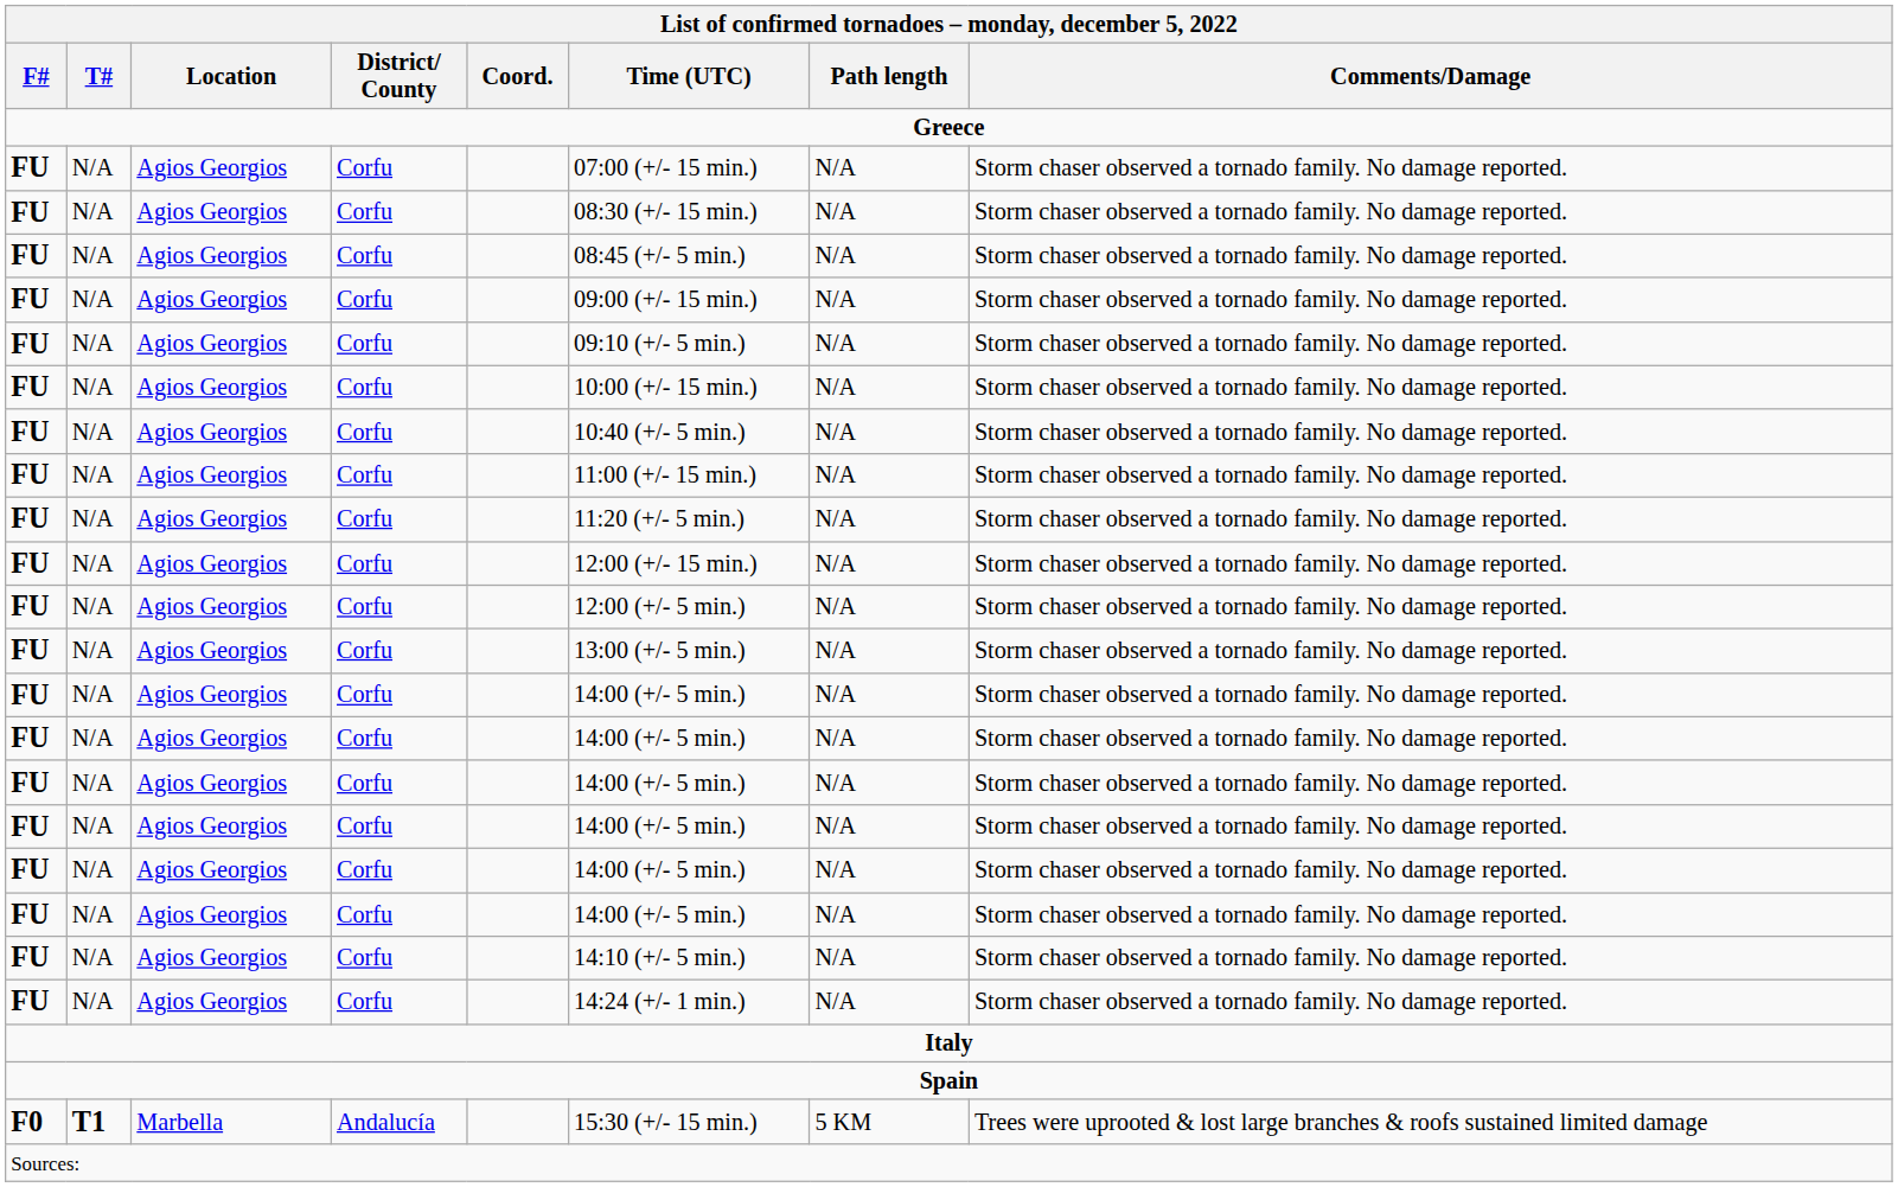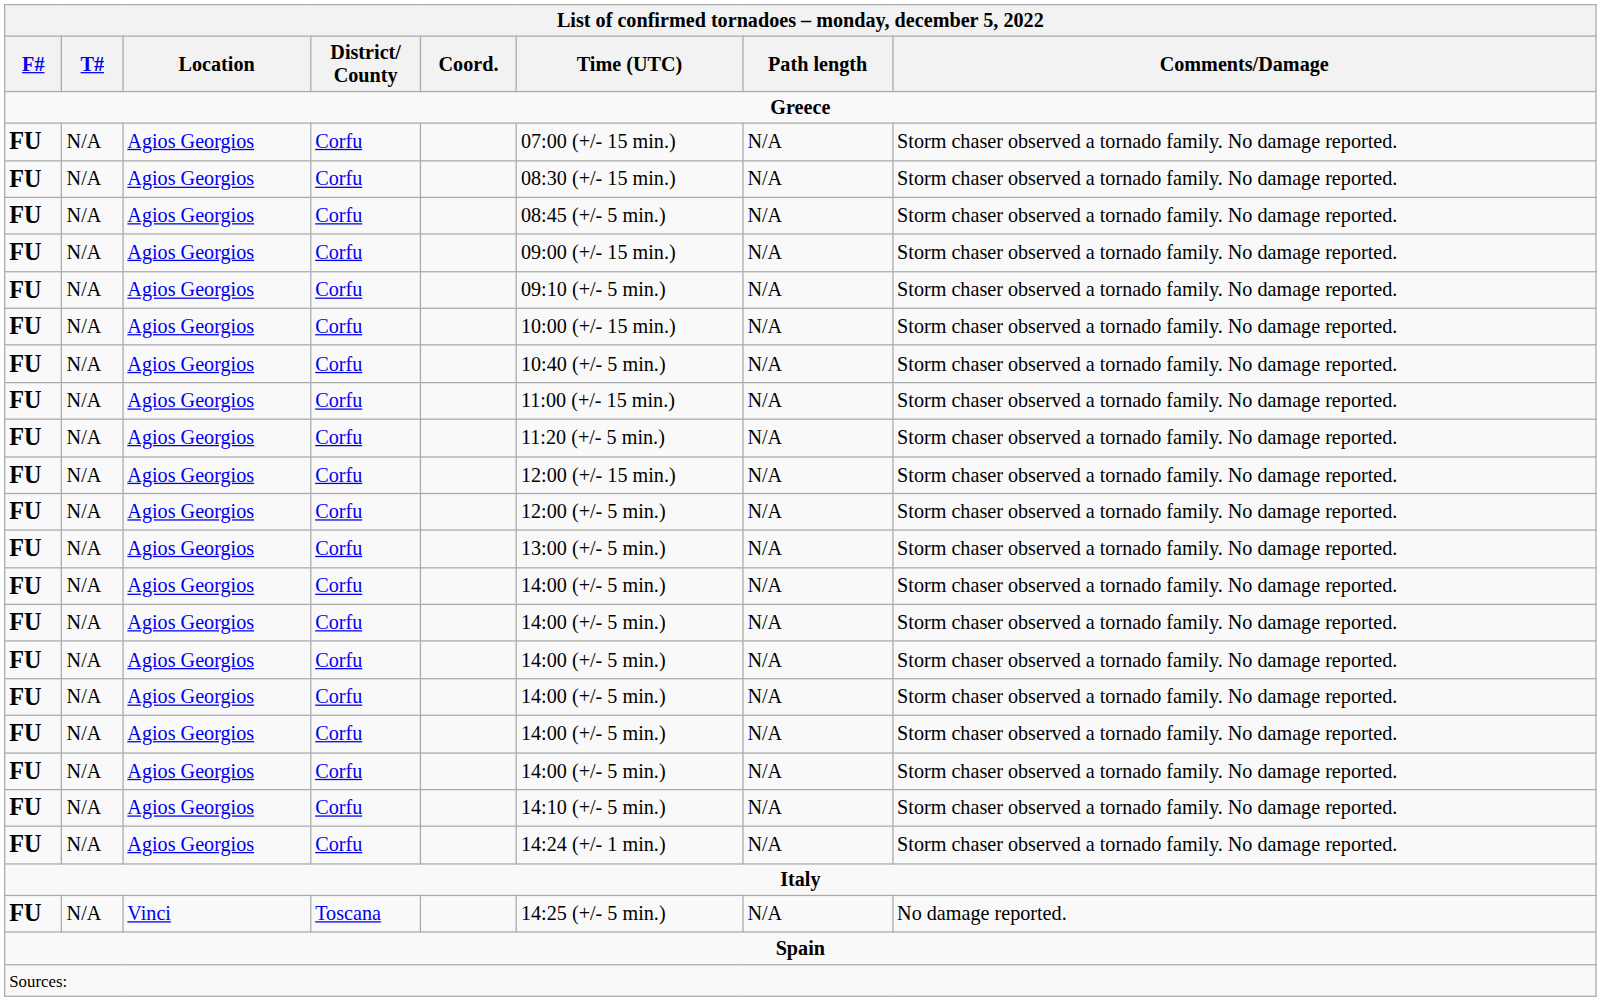 <table class="wikitable collapsible" width="100%">
 <tr>
 <th colspan="8">List of confirmed tornadoes – monday, december 5, 2022</th>
 </tr>
 <tr>
 <th><a href='#'>F#</a></th>
 <th><a href='#'>T#</a></th>
 <th>Location</th>
 <th>District/<br>County</th>
 <th>Coord.</th>
 <th>Time (UTC)</th>
 <th>Path length</th>
 <th>Comments/Damage</th>
 </tr>
 <tr>
 <td colspan="8" align=center><strong>Greece</strong></td>
 </tr>
 <tr>
 <td><big><strong>FU</strong></big></td>
 <td>N/A</td>
 <td><a href='#'>Agios Georgios</a></td>
 <td><a href='#'>Corfu</a></td>
 <td></td>
 <td>07:00 (+/- 15 min.)</td>
 <td>N/A</td>
 <td>Storm chaser observed a tornado family. No damage reported.</td>
 </tr>
 <tr>
 <td><big><strong>FU</strong></big></td>
 <td>N/A</td>
 <td><a href='#'>Agios Georgios</a></td>
 <td><a href='#'>Corfu</a></td>
 <td></td>
 <td>08:30 (+/- 15 min.)</td>
 <td>N/A</td>
 <td>Storm chaser observed a tornado family. No damage reported.</td>
 </tr>
 <tr>
 <td><big><strong>FU</strong></big></td>
 <td>N/A</td>
 <td><a href='#'>Agios Georgios</a></td>
 <td><a href='#'>Corfu</a></td>
 <td></td>
 <td>08:45 (+/- 5 min.)</td>
 <td>N/A</td>
 <td>Storm chaser observed a tornado family. No damage reported.</td>
 </tr>
 <tr>
 <td><big><strong>FU</strong></big></td>
 <td>N/A</td>
 <td><a href='#'>Agios Georgios</a></td>
 <td><a href='#'>Corfu</a></td>
 <td></td>
 <td>09:00 (+/- 15 min.)</td>
 <td>N/A</td>
 <td>Storm chaser observed a tornado family. No damage reported.</td>
 </tr>
 <tr>
 <td><big><strong>FU</strong></big></td>
 <td>N/A</td>
 <td><a href='#'>Agios Georgios</a></td>
 <td><a href='#'>Corfu</a></td>
 <td></td>
 <td>09:10 (+/- 5 min.)</td>
 <td>N/A</td>
 <td>Storm chaser observed a tornado family. No damage reported.</td>
 </tr>
 <tr>
 <td><big><strong>FU</strong></big></td>
 <td>N/A</td>
 <td><a href='#'>Agios Georgios</a></td>
 <td><a href='#'>Corfu</a></td>
 <td></td>
 <td>10:00 (+/- 15 min.)</td>
 <td>N/A</td>
 <td>Storm chaser observed a tornado family. No damage reported.</td>
 </tr>
 <tr>
 <td><big><strong>FU</strong></big></td>
 <td>N/A</td>
 <td><a href='#'>Agios Georgios</a></td>
 <td><a href='#'>Corfu</a></td>
 <td></td>
 <td>10:40 (+/- 5 min.)</td>
 <td>N/A</td>
 <td>Storm chaser observed a tornado family. No damage reported.</td>
 </tr>
 <tr>
 <td><big><strong>FU</strong></big></td>
 <td>N/A</td>
 <td><a href='#'>Agios Georgios</a></td>
 <td><a href='#'>Corfu</a></td>
 <td></td>
 <td>11:00 (+/- 15 min.)</td>
 <td>N/A</td>
 <td>Storm chaser observed a tornado family. No damage reported.</td>
 </tr>
 <tr>
 <td><big><strong>FU</strong></big></td>
 <td>N/A</td>
 <td><a href='#'>Agios Georgios</a></td>
 <td><a href='#'>Corfu</a></td>
 <td></td>
 <td>11:20 (+/- 5 min.)</td>
 <td>N/A</td>
 <td>Storm chaser observed a tornado family. No damage reported.</td>
 </tr>
 <tr>
 <td><big><strong>FU</strong></big></td>
 <td>N/A</td>
 <td><a href='#'>Agios Georgios</a></td>
 <td><a href='#'>Corfu</a></td>
 <td></td>
 <td>12:00 (+/- 15 min.)</td>
 <td>N/A</td>
 <td>Storm chaser observed a tornado family. No damage reported.</td>
 </tr>
 <tr>
 <td><big><strong>FU</strong></big></td>
 <td>N/A</td>
 <td><a href='#'>Agios Georgios</a></td>
 <td><a href='#'>Corfu</a></td>
 <td></td>
 <td>12:00 (+/- 5 min.)</td>
 <td>N/A</td>
 <td>Storm chaser observed a tornado family. No damage reported.</td>
 </tr>
 <tr>
 <td><big><strong>FU</strong></big></td>
 <td>N/A</td>
 <td><a href='#'>Agios Georgios</a></td>
 <td><a href='#'>Corfu</a></td>
 <td></td>
 <td>13:00 (+/- 5 min.)</td>
 <td>N/A</td>
 <td>Storm chaser observed a tornado family. No damage reported.</td>
 </tr>
 <tr>
 <td><big><strong>FU</strong></big></td>
 <td>N/A</td>
 <td><a href='#'>Agios Georgios</a></td>
 <td><a href='#'>Corfu</a></td>
 <td></td>
 <td>14:00 (+/- 5 min.)</td>
 <td>N/A</td>
 <td>Storm chaser observed a tornado family. No damage reported.</td>
 </tr>
 <tr>
 <td><big><strong>FU</strong></big></td>
 <td>N/A</td>
 <td><a href='#'>Agios Georgios</a></td>
 <td><a href='#'>Corfu</a></td>
 <td></td>
 <td>14:00 (+/- 5 min.)</td>
 <td>N/A</td>
 <td>Storm chaser observed a tornado family. No damage reported.</td>
 </tr>
 <tr>
 <td><big><strong>FU</strong></big></td>
 <td>N/A</td>
 <td><a href='#'>Agios Georgios</a></td>
 <td><a href='#'>Corfu</a></td>
 <td></td>
 <td>14:00 (+/- 5 min.)</td>
 <td>N/A</td>
 <td>Storm chaser observed a tornado family. No damage reported.</td>
 </tr>
 <tr>
 <td><big><strong>FU</strong></big></td>
 <td>N/A</td>
 <td><a href='#'>Agios Georgios</a></td>
 <td><a href='#'>Corfu</a></td>
 <td></td>
 <td>14:00 (+/- 5 min.)</td>
 <td>N/A</td>
 <td>Storm chaser observed a tornado family. No damage reported.</td>
 </tr>
 <tr>
 <td><big><strong>FU</strong></big></td>
 <td>N/A</td>
 <td><a href='#'>Agios Georgios</a></td>
 <td><a href='#'>Corfu</a></td>
 <td></td>
 <td>14:00 (+/- 5 min.)</td>
 <td>N/A</td>
 <td>Storm chaser observed a tornado family. No damage reported.</td>
 </tr>
 <tr>
 <td><big><strong>FU</strong></big></td>
 <td>N/A</td>
 <td><a href='#'>Agios Georgios</a></td>
 <td><a href='#'>Corfu</a></td>
 <td></td>
 <td>14:00 (+/- 5 min.)</td>
 <td>N/A</td>
 <td>Storm chaser observed a tornado family. No damage reported.</td>
 </tr>
 <tr>
 <td><big><strong>FU</strong></big></td>
 <td>N/A</td>
 <td><a href='#'>Agios Georgios</a></td>
 <td><a href='#'>Corfu</a></td>
 <td></td>
 <td>14:10 (+/- 5 min.)</td>
 <td>N/A</td>
 <td>Storm chaser observed a tornado family. No damage reported.</td>
 </tr>
 <tr>
 <td><big><strong>FU</strong></big></td>
 <td>N/A</td>
 <td><a href='#'>Agios Georgios</a></td>
 <td><a href='#'>Corfu</a></td>
 <td></td>
 <td>14:24 (+/- 1 min.)</td>
 <td>N/A</td>
 <td>Storm chaser observed a tornado family. No damage reported.</td>
 </tr>
 <tr>
 <td colspan="8" align=center><strong>Italy</strong></td>
 </tr>
 <tr>
-<td colspan="8" align=center><strong>Spain</strong></td>
+<td><big><strong>FU</strong></big></td>
+<td>N/A</td>
+<td><a href='#'>Vinci</a></td>
+<td><a href='#'>Toscana</a></td>
+<td></td>
+<td>14:25 (+/- 5 min.)</td>
+<td>N/A</td>
+<td>No damage reported.</td>
 </tr>
 <tr>
-<td><big><strong>F0</strong></big></td>
-<td><big><strong>T1</strong></big></td>
-<td><a href='#'>Marbella</a></td>
-<td><a href='#'>Andalucía</a></td>
-<td></td>
-<td>15:30 (+/- 15 min.)</td>
-<td>5 KM</td>
-<td>Trees were uprooted & lost large branches & roofs sustained limited damage</td>
+<td colspan="8" align=center><strong>Spain</strong></td>
 </tr>
 <tr>
 <td colspan="8"><small>Sources:  </small></td>
 </tr>
 </table>
